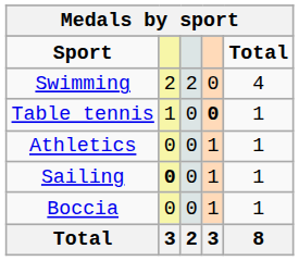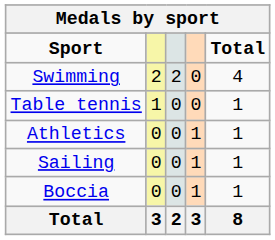 <table class="wikitable" border="1" style="font-size:85%; float:right">
 <tr bgcolor=#efefef>
 <th colspan=7><strong>Medals by sport</strong></th>
 </tr>
 <tr align=center>
 <td><strong>Sport</strong></td>
 <td bgcolor=#f7f6a8></td>
 <td bgcolor=#dce5e5></td>
 <td bgcolor=#ffdab9></td>
 <td><strong>Total</strong></td>
 </tr>
 <tr align=center>
 <td><a href='#'>Swimming</a></td>
 <td bgcolor=#f7f6a8>2</td>
 <td bgcolor=#dce5e5>2</td>
 <td bgcolor=#ffdab9>0</td>
 <td>4</td>
 </tr>
 <tr align=center>
 <td><a href='#'>Table tennis</a></td>
 <td bgcolor=#f7f6a8>1</td>
 <td bgcolor=#dce5e5>0</td>
-<td bgcolor=#ffdab9><strong>0</strong></td>
+<td bgcolor=#ffdab9>0</td>
 <td>1</td>
 </tr>
 <tr align=center>
 <td><a href='#'>Athletics</a></td>
 <td bgcolor=#f7f6a8>0</td>
 <td bgcolor=#dce5e5>0</td>
 <td bgcolor=#ffdab9>1</td>
 <td>1</td>
 </tr>
 <tr align=center>
 <td><a href='#'>Sailing</a></td>
-<td bgcolor=#f7f6a8><strong>0</strong></td>
+<td bgcolor=#f7f6a8>0</td>
 <td bgcolor=#dce5e5>0</td>
 <td bgcolor=#ffdab9>1</td>
 <td>1</td>
 </tr>
 <tr align=center>
 <td><a href='#'>Boccia</a></td>
 <td bgcolor=#f7f6a8>0</td>
 <td bgcolor=#dce5e5>0</td>
 <td bgcolor=#ffdab9>1</td>
 <td>1</td>
 </tr>
 <tr align=center>
 <th><strong>Total</strong></th>
 <th bgcolor=gold><strong>3</strong></th>
 <th bgcolor=silver><strong>2</strong></th>
 <th bgcolor=#c96><strong>3</strong></th>
 <th><strong>8</strong></th>
 </tr>
 </table>
